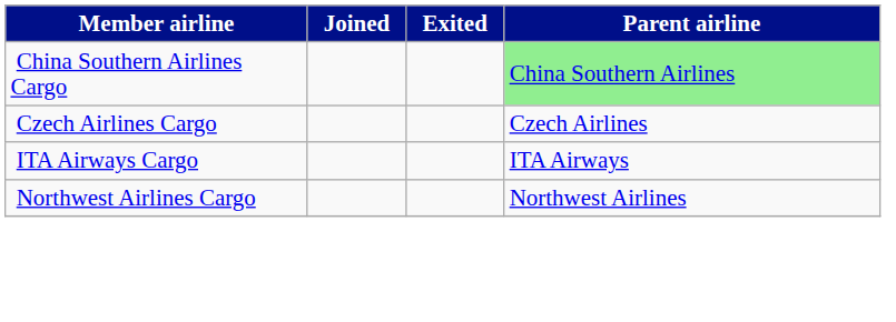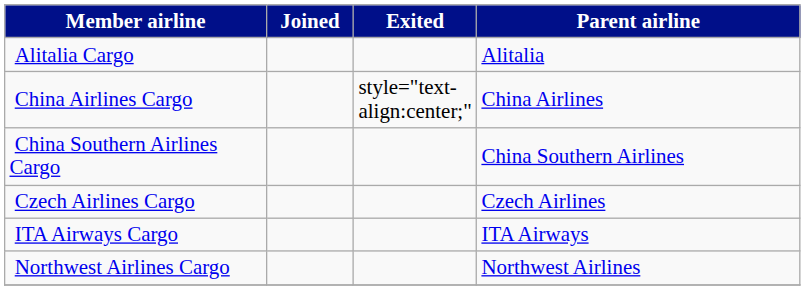 <table class="wikitable sortable toccolours">
 <tr>
 <th style="background:#000f89; color:white; width:200px;">Member airline</th>
 <th style="background:#000f89; color:white; width:60px;">Joined</th>
 <th style="background:#000f89; color:white; width:60px;">Exited</th>
 <th style="background:#000f89; color:white; width:250px;">Parent airline</th>
 </tr>
 <tr>
+<td> <a href='#'>Alitalia Cargo</a></td>
+<td style="text-align:center;"></td>
+<td style="text-align:center;"></td>
+<td><a href='#'>Alitalia</a></td>
+</tr>
+<tr>
+<td> <a href='#'>China Airlines Cargo</a></td>
+<td style="text-align:center;"></td>
+<td>style="text-align:center;" </td>
+<td><a href='#'>China Airlines</a></td>
+</tr>
+<tr>
 <td> <a href='#'>China Southern Airlines Cargo</a></td>
 <td style="text-align:center;"></td>
 <td style="text-align:center;"></td>
-<td style="background: lightgreen;"><a href='#'>China Southern Airlines</a></td>
+<td><a href='#'>China Southern Airlines</a></td>
 </tr>
 <tr>
 <td> <a href='#'>Czech Airlines Cargo</a></td>
 <td style="text-align:center;"></td>
 <td style="text-align:center;"></td>
 <td><a href='#'>Czech Airlines</a></td>
 </tr>
 <tr>
 <td> <a href='#'>ITA Airways Cargo</a></td>
 <td style="text-align:center;"></td>
 <td style="text-align:center;"></td>
 <td><a href='#'>ITA Airways</a></td>
 </tr>
 <tr>
 <td> <a href='#'>Northwest Airlines Cargo</a></td>
 <td style="text-align:center;"></td>
 <td style="text-align:center;"></td>
 <td><a href='#'>Northwest Airlines</a></td>
 </tr>
 <tr>
 </tr>
 </table>
